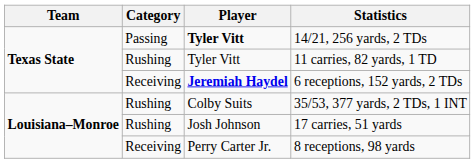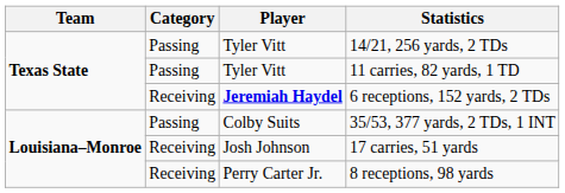 <table class="wikitable" style="float: left;">
 <tr>
 <th>Team</th>
 <th>Category</th>
 <th>Player</th>
 <th>Statistics</th>
 </tr>
 <tr>
 <td rowspan=3><strong>Texas State</strong></td>
 <td>Passing</td>
-<td><strong>Tyler Vitt</strong></td>
+<td>Tyler Vitt</td>
 <td>14/21, 256 yards, 2 TDs</td>
 </tr>
 <tr>
-<td>Rushing</td>
+<td>Passing</td>
 <td>Tyler Vitt</td>
 <td>11 carries, 82 yards, 1 TD</td>
 </tr>
 <tr>
 <td>Receiving</td>
 <td><strong><a href='#'>Jeremiah Haydel</a></strong></td>
 <td>6 receptions, 152 yards, 2 TDs</td>
 </tr>
 <tr>
 <td rowspan=3><strong>Louisiana–Monroe</strong></td>
-<td>Rushing</td>
+<td>Passing</td>
 <td>Colby Suits</td>
 <td>35/53, 377 yards, 2 TDs, 1 INT</td>
 </tr>
 <tr>
-<td>Rushing</td>
+<td>Receiving</td>
 <td>Josh Johnson</td>
 <td>17 carries, 51 yards</td>
 </tr>
 <tr>
 <td>Receiving</td>
 <td>Perry Carter Jr.</td>
 <td>8 receptions, 98 yards</td>
 </tr>
 </table>
